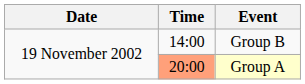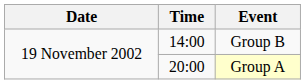 <table class = "wikitable" style="text-align:center;">
 <tr>
 <th width=150>Date</th>
 <th width=50>Time</th>
 <th width=80>Event</th>
 </tr>
 <tr>
 <td rowspan=2>19 November 2002</td>
 <td>14:00</td>
 <td>Group B</td>
 </tr>
 <tr>
-<td style="background: lightsalmon;">20:00</td>
+<td>20:00</td>
 <td bgcolor=ffffcc>Group A</td>
 </tr>
 </table>
